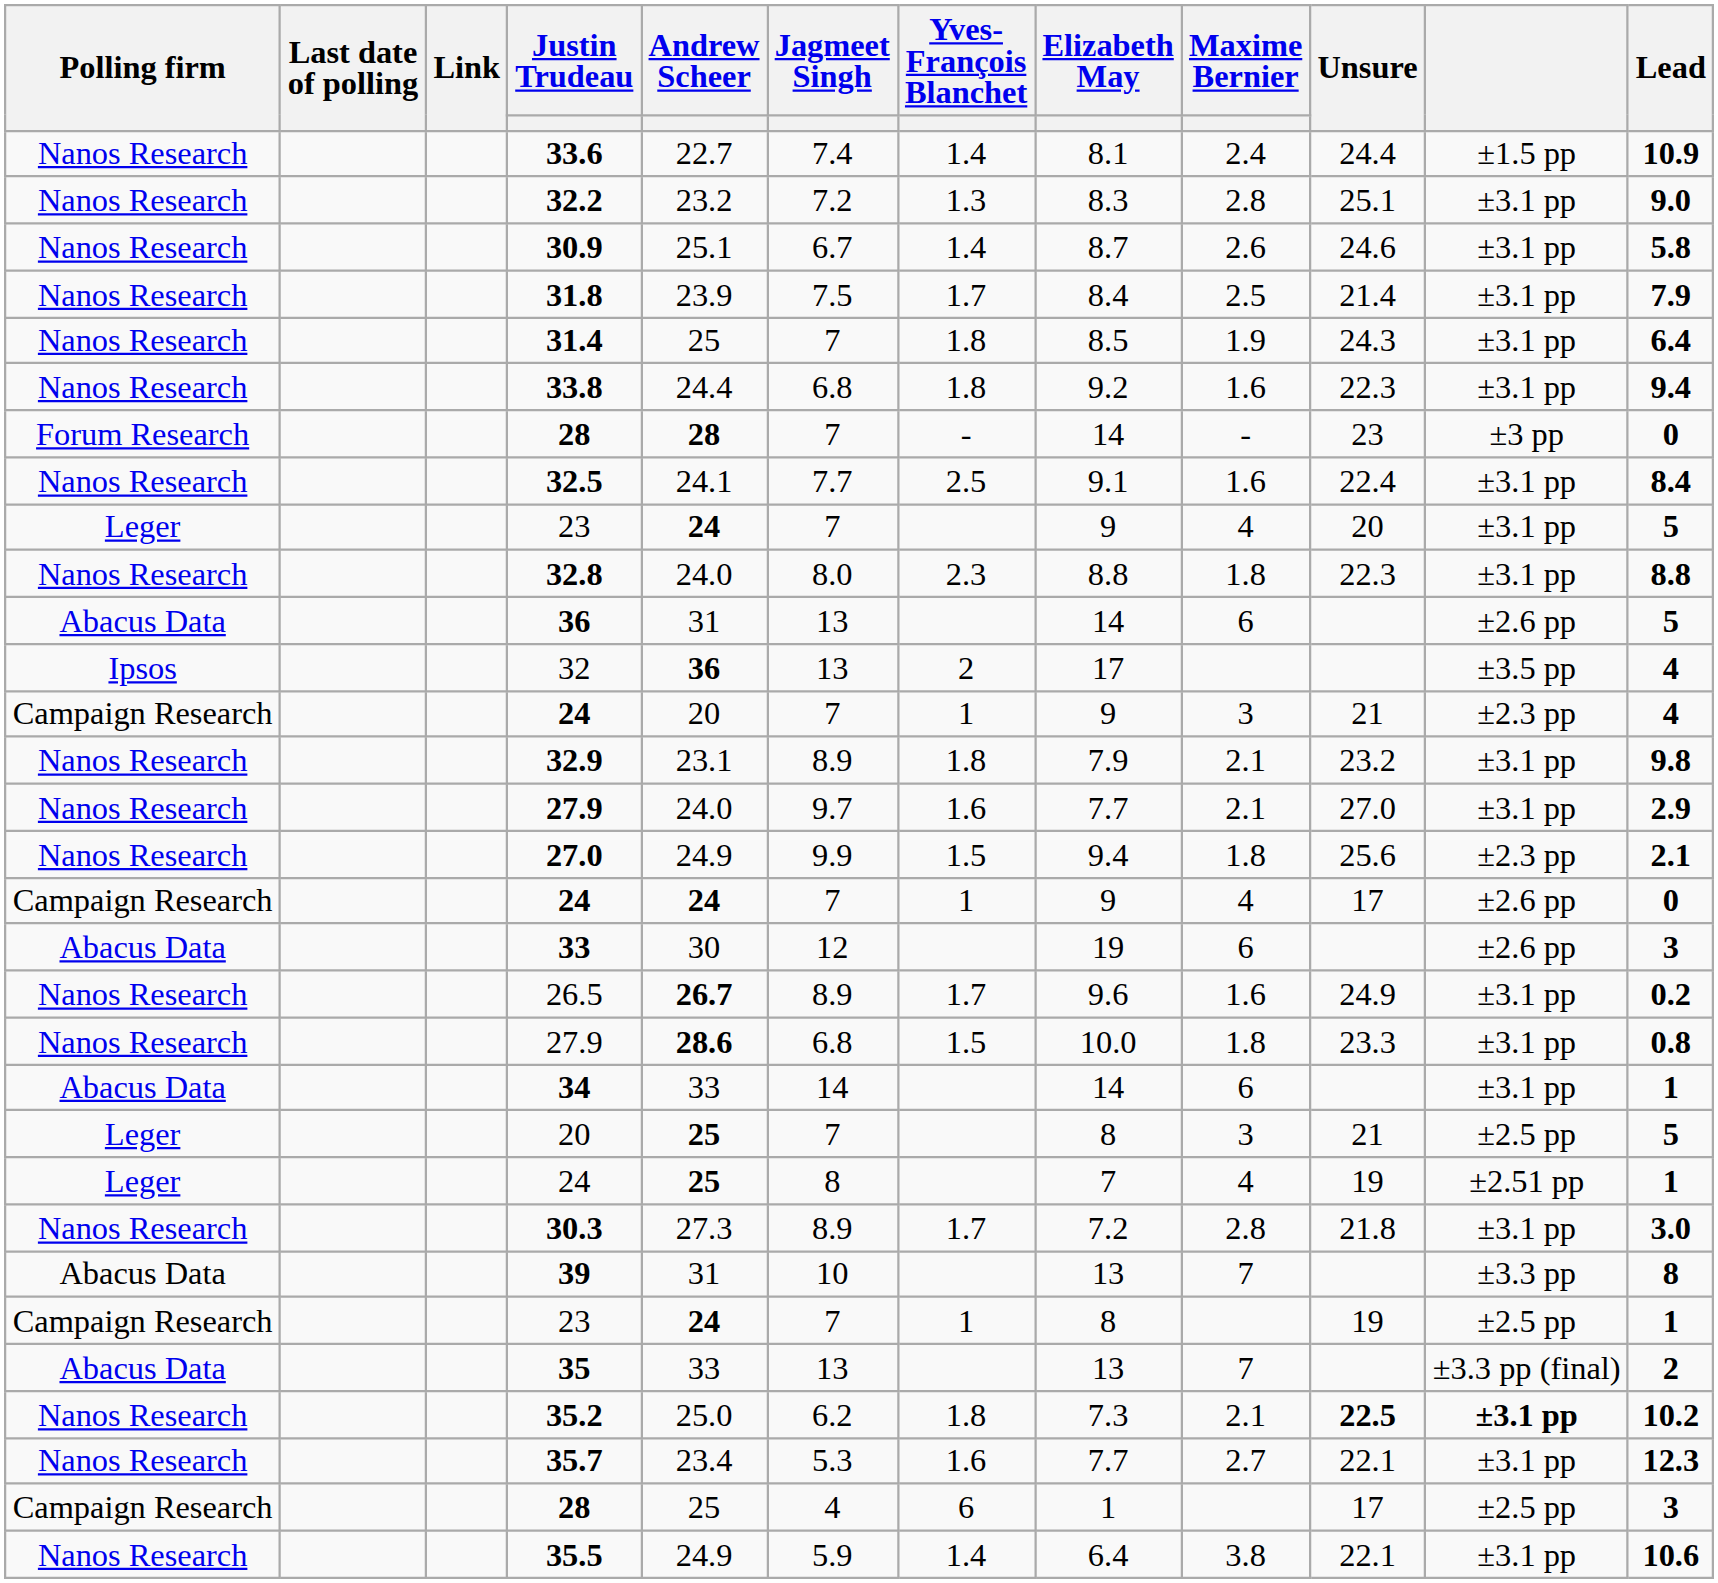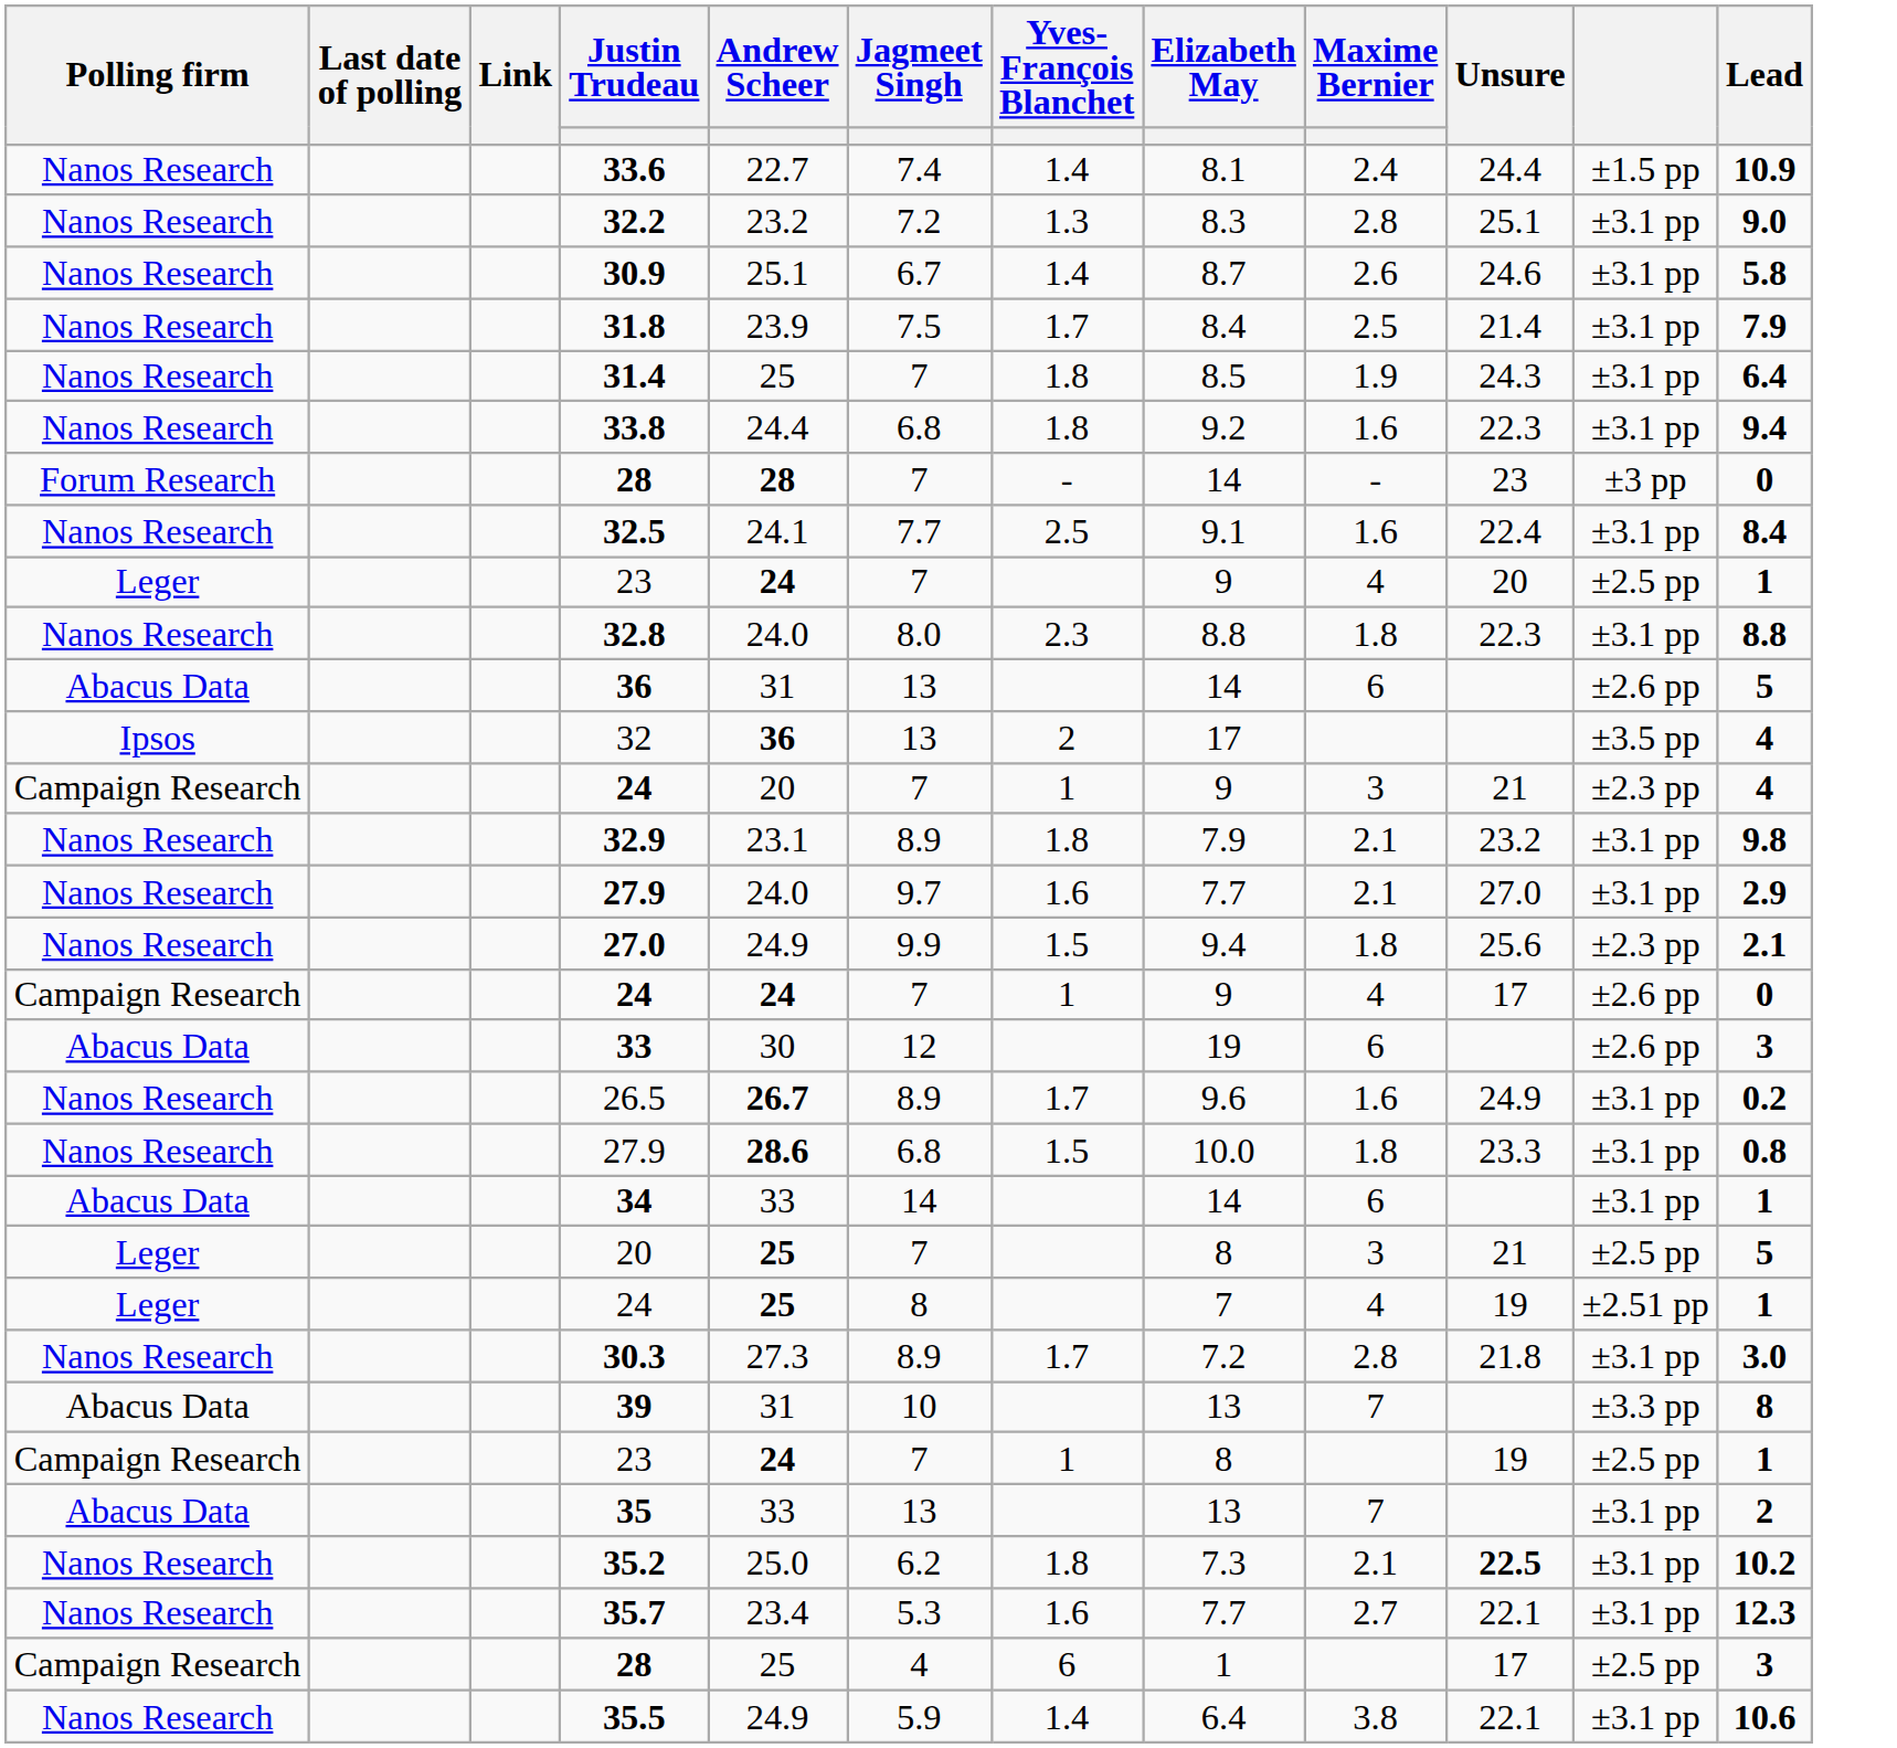 <table class="wikitable sortable mw-datatable" style="text-align:center;font-size:90%;line-height:14px;">
 <tr>
 <th rowspan="2">Polling firm</th>
 <th rowspan="2">Last date<br>of polling</th>
 <th rowspan="2">Link</th>
 <th class="unsortable" style="width:40px;"><a href='#'>Justin Trudeau</a></th>
 <th class="unsortable" style="width:40px;"><a href='#'>Andrew Scheer</a></th>
 <th class="unsortable" style="width:40px;"><a href='#'>Jagmeet Singh</a></th>
 <th class="unsortable" style="width:40px;"><a href='#'>Yves-François Blanchet</a></th>
 <th class="unsortable" style="width:40px;"><a href='#'>Elizabeth May</a></th>
 <th class="unsortable" style="width:40px;"><a href='#'>Maxime Bernier</a></th>
 <th rowspan="2">Unsure</th>
 <th rowspan="2"></th>
 <th rowspan="2">Lead</th>
 </tr>
 <tr style="background:#e9e9e9;">
 <th style="background-color:"></th>
 <th style="background-color:"></th>
 <th style="background-color:"></th>
 <th style="background-color:"></th>
 <th style="background-color:"></th>
 <th style="background-color:"></th>
 </tr>
 <tr>
 <td><a href='#'>Nanos Research</a></td>
 <td></td>
 <td></td>
 <td><strong>33.6</strong></td>
 <td>22.7</td>
 <td>7.4</td>
 <td>1.4</td>
 <td>8.1</td>
 <td>2.4</td>
 <td>24.4</td>
 <td>±1.5 pp</td>
 <td><strong>10.9</strong></td>
 </tr>
 <tr>
 <td><a href='#'>Nanos Research</a></td>
 <td></td>
 <td></td>
 <td><strong>32.2</strong></td>
 <td>23.2</td>
 <td>7.2</td>
 <td>1.3</td>
 <td>8.3</td>
 <td>2.8</td>
 <td>25.1</td>
 <td>±3.1 pp</td>
 <td><strong>9.0</strong></td>
 </tr>
 <tr>
 <td><a href='#'>Nanos Research</a></td>
 <td></td>
 <td></td>
 <td><strong>30.9</strong></td>
 <td>25.1</td>
 <td>6.7</td>
 <td>1.4</td>
 <td>8.7</td>
 <td>2.6</td>
 <td>24.6</td>
 <td>±3.1 pp</td>
 <td><strong>5.8</strong></td>
 </tr>
 <tr>
 <td><a href='#'>Nanos Research</a></td>
 <td></td>
 <td></td>
 <td><strong>31.8</strong></td>
 <td>23.9</td>
 <td>7.5</td>
 <td>1.7</td>
 <td>8.4</td>
 <td>2.5</td>
 <td>21.4</td>
 <td>±3.1 pp</td>
 <td><strong>7.9</strong></td>
 </tr>
 <tr>
 <td><a href='#'>Nanos Research</a></td>
 <td></td>
 <td></td>
 <td><strong>31.4</strong></td>
 <td>25</td>
 <td>7</td>
 <td>1.8</td>
 <td>8.5</td>
 <td>1.9</td>
 <td>24.3</td>
 <td>±3.1 pp</td>
 <td><strong>6.4</strong></td>
 </tr>
 <tr>
 <td><a href='#'>Nanos Research</a></td>
 <td></td>
 <td></td>
 <td><strong>33.8</strong></td>
 <td>24.4</td>
 <td>6.8</td>
 <td>1.8</td>
 <td>9.2</td>
 <td>1.6</td>
 <td>22.3</td>
 <td>±3.1 pp</td>
 <td><strong>9.4</strong></td>
 </tr>
 <tr>
 <td><a href='#'>Forum Research</a></td>
 <td></td>
 <td></td>
 <td><strong>28</strong></td>
 <td><strong>28</strong></td>
 <td>7</td>
 <td>-</td>
 <td>14</td>
 <td>-</td>
 <td>23</td>
 <td>±3 pp</td>
 <td><strong>0</strong></td>
 </tr>
 <tr>
 <td><a href='#'>Nanos Research</a></td>
 <td></td>
 <td></td>
 <td><strong>32.5</strong></td>
 <td>24.1</td>
 <td>7.7</td>
 <td>2.5</td>
 <td>9.1</td>
 <td>1.6</td>
 <td>22.4</td>
 <td>±3.1 pp</td>
 <td><strong>8.4</strong></td>
 </tr>
 <tr>
 <td><a href='#'>Leger</a></td>
 <td></td>
 <td></td>
 <td>23</td>
 <td><strong>24</strong></td>
 <td>7</td>
 <td></td>
 <td>9</td>
 <td>4</td>
 <td>20</td>
-<td>±3.1 pp</td>
-<td><strong>5</strong></td>
+<td>±2.5 pp</td>
+<td><strong>1</strong></td>
 </tr>
 <tr>
 <td><a href='#'>Nanos Research</a></td>
 <td></td>
 <td></td>
 <td><strong>32.8</strong></td>
 <td>24.0</td>
 <td>8.0</td>
 <td>2.3</td>
 <td>8.8</td>
 <td>1.8</td>
 <td>22.3</td>
 <td>±3.1 pp</td>
 <td><strong>8.8</strong></td>
 </tr>
 <tr>
 <td><a href='#'>Abacus Data</a></td>
 <td></td>
 <td></td>
 <td><strong>36</strong></td>
 <td>31</td>
 <td>13</td>
 <td></td>
 <td>14</td>
 <td>6</td>
 <td></td>
 <td>±2.6 pp</td>
 <td><strong>5</strong></td>
 </tr>
 <tr>
 <td><a href='#'>Ipsos</a></td>
 <td></td>
 <td></td>
 <td>32</td>
 <td><strong>36</strong></td>
 <td>13</td>
 <td>2</td>
 <td>17</td>
 <td></td>
 <td></td>
 <td>±3.5 pp</td>
 <td><strong>4</strong></td>
 </tr>
 <tr>
 <td>Campaign Research</td>
 <td></td>
 <td></td>
 <td><strong>24</strong></td>
 <td>20</td>
 <td>7</td>
 <td>1</td>
 <td>9</td>
 <td>3</td>
 <td>21</td>
 <td>±2.3 pp</td>
 <td><strong>4</strong></td>
 </tr>
 <tr>
 <td><a href='#'>Nanos Research</a></td>
 <td></td>
 <td></td>
 <td><strong>32.9</strong></td>
 <td>23.1</td>
 <td>8.9</td>
 <td>1.8</td>
 <td>7.9</td>
 <td>2.1</td>
 <td>23.2</td>
 <td>±3.1 pp</td>
 <td><strong>9.8</strong></td>
 </tr>
 <tr>
 <td><a href='#'>Nanos Research</a></td>
 <td></td>
 <td></td>
 <td><strong>27.9</strong></td>
 <td>24.0</td>
 <td>9.7</td>
 <td>1.6</td>
 <td>7.7</td>
 <td>2.1</td>
 <td>27.0</td>
 <td>±3.1 pp</td>
 <td><strong>2.9</strong></td>
 </tr>
 <tr>
 <td><a href='#'>Nanos Research</a></td>
 <td></td>
 <td></td>
 <td><strong>27.0</strong></td>
 <td>24.9</td>
 <td>9.9</td>
 <td>1.5</td>
 <td>9.4</td>
 <td>1.8</td>
 <td>25.6</td>
 <td>±2.3 pp</td>
 <td><strong>2.1</strong></td>
 </tr>
 <tr>
 <td>Campaign Research</td>
 <td></td>
 <td></td>
 <td><strong>24</strong></td>
 <td><strong>24</strong></td>
 <td>7</td>
 <td>1</td>
 <td>9</td>
 <td>4</td>
 <td>17</td>
 <td>±2.6 pp</td>
 <td><strong>0</strong></td>
 </tr>
 <tr>
 <td><a href='#'>Abacus Data</a></td>
 <td></td>
 <td></td>
 <td><strong>33</strong></td>
 <td>30</td>
 <td>12</td>
 <td></td>
 <td>19</td>
 <td>6</td>
 <td></td>
 <td>±2.6 pp</td>
 <td><strong>3</strong></td>
 </tr>
 <tr>
 <td><a href='#'>Nanos Research</a></td>
 <td></td>
 <td></td>
 <td>26.5</td>
 <td><strong>26.7</strong></td>
 <td>8.9</td>
 <td>1.7</td>
 <td>9.6</td>
 <td>1.6</td>
 <td>24.9</td>
 <td>±3.1 pp</td>
 <td><strong>0.2</strong></td>
 </tr>
 <tr>
 <td><a href='#'>Nanos Research</a></td>
 <td></td>
 <td></td>
 <td>27.9</td>
 <td><strong>28.6</strong></td>
 <td>6.8</td>
 <td>1.5</td>
 <td>10.0</td>
 <td>1.8</td>
 <td>23.3</td>
 <td>±3.1 pp</td>
 <td><strong>0.8</strong></td>
 </tr>
 <tr>
 <td><a href='#'>Abacus Data</a></td>
 <td></td>
 <td></td>
 <td><strong>34</strong></td>
 <td>33</td>
 <td>14</td>
 <td></td>
 <td>14</td>
 <td>6</td>
 <td></td>
 <td>±3.1 pp</td>
 <td><strong>1</strong></td>
 </tr>
 <tr>
 <td><a href='#'>Leger</a></td>
 <td></td>
 <td></td>
 <td>20</td>
 <td><strong>25</strong></td>
 <td>7</td>
 <td></td>
 <td>8</td>
 <td>3</td>
 <td>21</td>
 <td>±2.5 pp</td>
 <td><strong>5</strong></td>
 </tr>
 <tr>
 <td><a href='#'>Leger</a></td>
 <td></td>
 <td></td>
 <td>24</td>
 <td><strong>25</strong></td>
 <td>8</td>
 <td></td>
 <td>7</td>
 <td>4</td>
 <td>19</td>
 <td>±2.51 pp</td>
 <td><strong>1</strong></td>
 </tr>
 <tr>
 <td><a href='#'>Nanos Research</a></td>
 <td></td>
 <td></td>
 <td><strong>30.3</strong></td>
 <td>27.3</td>
 <td>8.9</td>
 <td>1.7</td>
 <td>7.2</td>
 <td>2.8</td>
 <td>21.8</td>
 <td>±3.1 pp</td>
 <td><strong>3.0</strong></td>
 </tr>
 <tr>
 <td>Abacus Data</td>
 <td></td>
 <td></td>
 <td><strong>39</strong></td>
 <td>31</td>
 <td>10</td>
 <td></td>
 <td>13</td>
 <td>7</td>
 <td></td>
 <td>±3.3 pp</td>
 <td><strong>8</strong></td>
 </tr>
 <tr>
 <td>Campaign Research</td>
 <td></td>
 <td></td>
 <td>23</td>
 <td><strong>24</strong></td>
 <td>7</td>
 <td>1</td>
 <td>8</td>
 <td></td>
 <td>19</td>
 <td>±2.5 pp</td>
 <td><strong>1</strong></td>
 </tr>
 <tr>
 <td><a href='#'>Abacus Data</a></td>
 <td></td>
 <td></td>
 <td><strong>35</strong></td>
 <td>33</td>
 <td>13</td>
 <td></td>
 <td>13</td>
 <td>7</td>
 <td></td>
-<td>±3.3 pp (final)</td>
+<td>±3.1 pp</td>
 <td><strong>2</strong></td>
 </tr>
 <tr>
 <td><a href='#'>Nanos Research</a></td>
 <td></td>
 <td></td>
 <td><strong>35.2</strong></td>
 <td>25.0</td>
 <td>6.2</td>
 <td>1.8</td>
 <td>7.3</td>
 <td>2.1</td>
 <td><strong>22.5</strong></td>
-<td><strong>±3.1 pp</strong></td>
+<td>±3.1 pp</td>
 <td><strong>10.2</strong></td>
 </tr>
 <tr>
 <td><a href='#'>Nanos Research</a></td>
 <td></td>
 <td></td>
 <td><strong>35.7</strong></td>
 <td>23.4</td>
 <td>5.3</td>
 <td>1.6</td>
 <td>7.7</td>
 <td>2.7</td>
 <td>22.1</td>
 <td>±3.1 pp</td>
 <td><strong>12.3</strong></td>
 </tr>
 <tr>
 <td>Campaign Research</td>
 <td></td>
 <td></td>
 <td><strong>28</strong></td>
 <td>25</td>
 <td>4</td>
 <td>6</td>
 <td>1</td>
 <td></td>
 <td>17</td>
 <td>±2.5 pp</td>
 <td><strong>3</strong></td>
 </tr>
 <tr>
 <td><a href='#'>Nanos Research</a></td>
 <td></td>
 <td></td>
 <td><strong>35.5</strong></td>
 <td>24.9</td>
 <td>5.9</td>
 <td>1.4</td>
 <td>6.4</td>
 <td>3.8</td>
 <td>22.1</td>
 <td>±3.1 pp</td>
 <td><strong>10.6</strong></td>
 </tr>
 </table>
